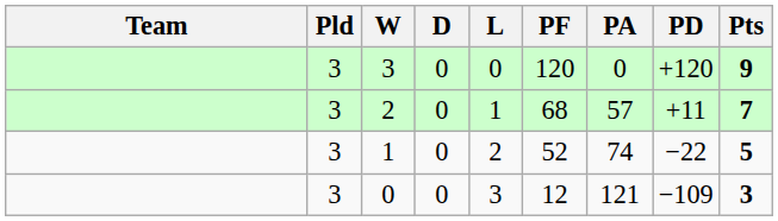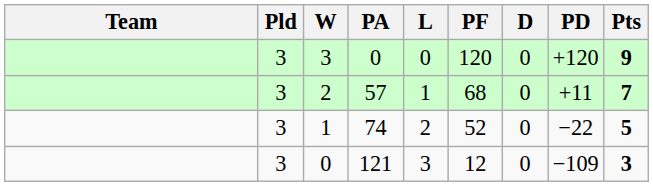 <table class="wikitable" style="text-align:center;">
 <tr>
 <th width=175>Team</th>
 <th width=25 abbr="Played">Pld</th>
 <th width=25 abbr="Won">W</th>
-<th width=25 abbr="Drawn">D</th>
+<th width=32 abbr="Points against">PA</th>
 <th width=25 abbr="Lost">L</th>
 <th width=32 abbr="Points for">PF</th>
-<th width=32 abbr="Points against">PA</th>
+<th width=25 abbr="Drawn">D</th>
 <th width=32 abbr="Points difference">PD</th>
 <th width=25 abbr="Points">Pts</th>
 </tr>
 <tr bgcolor=ccffcc>
 <td align=left></td>
 <td>3</td>
 <td>3</td>
 <td>0</td>
 <td>0</td>
 <td>120</td>
 <td>0</td>
 <td>+120</td>
 <td><strong>9</strong></td>
 </tr>
 <tr bgcolor=ccffcc>
 <td align=left></td>
 <td>3</td>
 <td>2</td>
-<td>0</td>
+<td>57</td>
 <td>1</td>
 <td>68</td>
-<td>57</td>
+<td>0</td>
 <td>+11</td>
 <td><strong>7</strong></td>
 </tr>
 <tr>
 <td align=left></td>
 <td>3</td>
 <td>1</td>
-<td>0</td>
+<td>74</td>
 <td>2</td>
 <td>52</td>
-<td>74</td>
+<td>0</td>
 <td>−22</td>
 <td><strong>5</strong></td>
 </tr>
 <tr>
 <td align=left></td>
 <td>3</td>
 <td>0</td>
-<td>0</td>
+<td>121</td>
 <td>3</td>
 <td>12</td>
-<td>121</td>
+<td>0</td>
 <td>−109</td>
 <td><strong>3</strong></td>
 </tr>
 </table>
